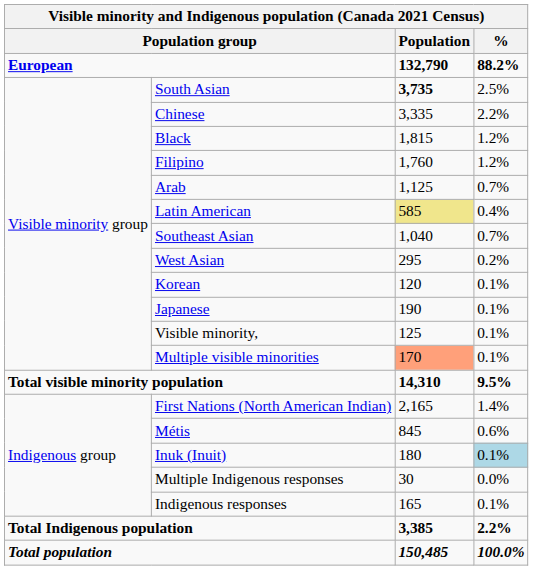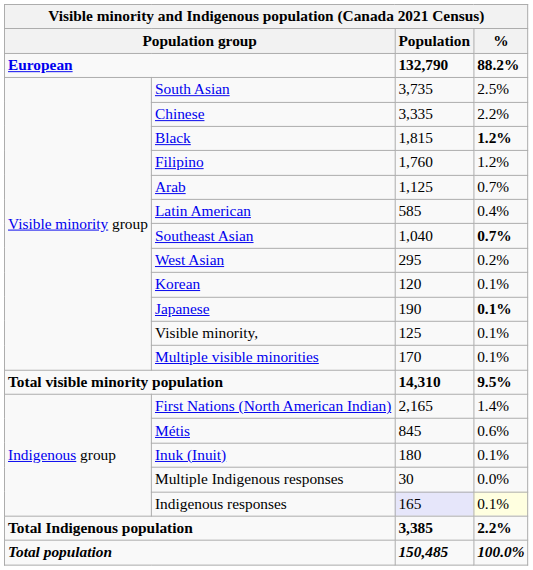 <table class="wikitable">
 <tr>
 <th colspan=4>Visible minority and Indigenous population (Canada 2021 Census)</th>
 </tr>
 <tr>
 <th colspan="2">Population group</th>
 <th>Population</th>
 <th>%</th>
 </tr>
 <tr>
 <td colspan="2"><strong><a href='#'>European</a></strong></td>
 <td><strong>132,790</strong></td>
 <td><strong>88.2%</strong></td>
 </tr>
 <tr>
 <td rowspan="12"><a href='#'>Visible minority</a> group<br></td>
 <td><a href='#'>South Asian</a></td>
-<td><strong>3,735</strong></td>
+<td>3,735</td>
 <td>2.5%</td>
 </tr>
 <tr>
 <td><a href='#'>Chinese</a></td>
 <td>3,335</td>
 <td>2.2%</td>
 </tr>
 <tr>
 <td><a href='#'>Black</a></td>
 <td>1,815</td>
-<td>1.2%</td>
+<td><strong>1.2%</strong></td>
 </tr>
 <tr>
 <td><a href='#'>Filipino</a></td>
 <td>1,760</td>
 <td>1.2%</td>
 </tr>
 <tr>
 <td><a href='#'>Arab</a></td>
 <td>1,125</td>
 <td>0.7%</td>
 </tr>
 <tr>
 <td><a href='#'>Latin American</a></td>
-<td style="background: khaki;">585</td>
+<td>585</td>
 <td>0.4%</td>
 </tr>
 <tr>
 <td><a href='#'>Southeast Asian</a></td>
 <td>1,040</td>
-<td>0.7%</td>
+<td><strong>0.7%</strong></td>
 </tr>
 <tr>
 <td><a href='#'>West Asian</a></td>
 <td>295</td>
 <td>0.2%</td>
 </tr>
 <tr>
 <td><a href='#'>Korean</a></td>
 <td>120</td>
 <td>0.1%</td>
 </tr>
 <tr>
 <td><a href='#'>Japanese</a></td>
 <td>190</td>
-<td>0.1%</td>
+<td><strong>0.1%</strong></td>
 </tr>
 <tr>
 <td>Visible minority, </td>
 <td>125</td>
 <td>0.1%</td>
 </tr>
 <tr>
 <td><a href='#'>Multiple visible minorities</a></td>
-<td style="background: lightsalmon;">170</td>
+<td>170</td>
 <td>0.1%</td>
 </tr>
 <tr>
 <td colspan="2"><strong>Total visible minority population</strong></td>
 <td><strong>14,310</strong></td>
 <td><strong>9.5%</strong></td>
 </tr>
 <tr>
 <td rowspan="5"><a href='#'>Indigenous</a> group<br></td>
 <td><a href='#'>First Nations (North American Indian)</a></td>
 <td>2,165</td>
 <td>1.4%</td>
 </tr>
 <tr>
 <td><a href='#'>Métis</a></td>
 <td>845</td>
 <td>0.6%</td>
 </tr>
 <tr>
 <td><a href='#'>Inuk (Inuit)</a></td>
 <td>180</td>
-<td style="background: lightblue;">0.1%</td>
+<td>0.1%</td>
 </tr>
 <tr>
 <td>Multiple Indigenous responses</td>
 <td>30</td>
 <td>0.0%</td>
 </tr>
 <tr>
 <td>Indigenous responses </td>
-<td>165</td>
-<td>0.1%</td>
+<td style="background: lavender;">165</td>
+<td style="background: lightyellow;">0.1%</td>
 </tr>
 <tr>
 <td colspan="2"><strong>Total Indigenous population</strong></td>
 <td><strong>3,385</strong></td>
 <td><strong>2.2%</strong></td>
 </tr>
 <tr>
 <td colspan="2"><strong><em>Total population</em></strong></td>
 <td><strong><em>150,485</em></strong></td>
 <td><strong><em>100.0%</em></strong></td>
 </tr>
 </table>
